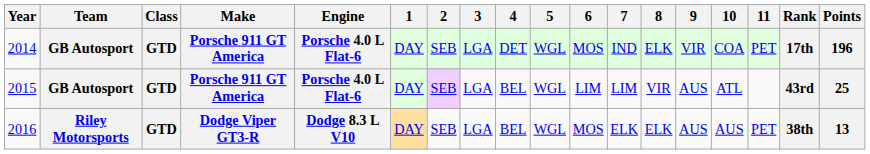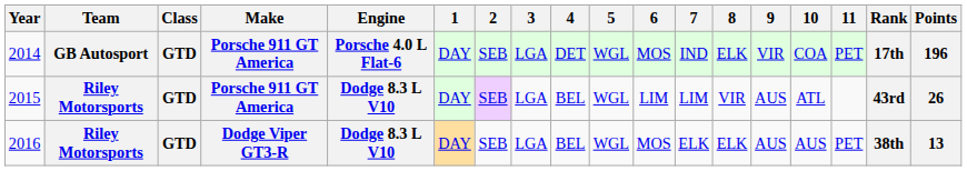 <table class="wikitable" style="text-align:center; font-size:90%">
 <tr>
 <th>Year</th>
 <th>Team</th>
 <th>Class</th>
 <th>Make</th>
 <th>Engine</th>
 <th>1</th>
 <th>2</th>
 <th>3</th>
 <th>4</th>
 <th>5</th>
 <th>6</th>
 <th>7</th>
 <th>8</th>
 <th>9</th>
 <th>10</th>
 <th>11</th>
 <th>Rank</th>
 <th>Points</th>
 </tr>
 <tr>
 <td><a href='#'>2014</a></td>
 <th>GB Autosport</th>
 <th>GTD</th>
 <th><a href='#'>Porsche 911 GT America</a></th>
 <th><a href='#'>Porsche</a> 4.0 L <a href='#'>Flat-6</a></th>
 <td style="background:#DFFFDF;"><a href='#'>DAY</a><br></td>
 <td style="background:#DFFFDF;"><a href='#'>SEB</a> <br></td>
 <td style="background:#DFFFDF;"><a href='#'>LGA</a> <br></td>
 <td style="background:#DFFFDF;"><a href='#'>DET</a> <br></td>
 <td style="background:#DFFFDF;"><a href='#'>WGL</a> <br></td>
 <td style="background:#DFFFDF;"><a href='#'>MOS</a> <br></td>
 <td style="background:#DFFFDF;"><a href='#'>IND</a> <br></td>
 <td style="background:#DFFFDF;"><a href='#'>ELK</a><br></td>
 <td style="background:#DFFFDF;"><a href='#'>VIR</a> <br></td>
 <td style="background:#DFFFDF;"><a href='#'>COA</a><br></td>
 <td style="background:#DFFFDF;"><a href='#'>PET</a><br></td>
 <th>17th</th>
 <th>196</th>
 </tr>
 <tr>
 <td><a href='#'>2015</a></td>
-<th>GB Autosport</th>
+<th><a href='#'>Riley Motorsports</a></th>
 <th>GTD</th>
 <th><a href='#'>Porsche 911 GT America</a></th>
-<th><a href='#'>Porsche</a> 4.0 L <a href='#'>Flat-6</a></th>
+<th><a href='#'>Dodge</a> 8.3 L <a href='#'>V10</a></th>
 <td style="background:#DFFFDF;"><a href='#'>DAY</a><br></td>
 <td style="background:#EFCFFF;"><a href='#'>SEB</a><br></td>
 <td style="background:#;”"><a href='#'>LGA</a><br></td>
 <td style="background:#;"><a href='#'>BEL</a><br></td>
 <td style="background:#;"><a href='#'>WGL</a><br></td>
 <td style="background:#;"><a href='#'>LIM</a><br></td>
 <td style="background:#;"><a href='#'>LIM</a><br></td>
 <td style="background:#;"><a href='#'>VIR</a><br></td>
 <td style="background:#;"><a href='#'>AUS</a><br></td>
 <td style="background:#;"><a href='#'>ATL</a><br></td>
 <td></td>
 <th>43rd</th>
-<th>25</th>
+<th>26</th>
 </tr>
 <tr>
 <td><a href='#'>2016</a></td>
 <th><a href='#'>Riley Motorsports</a></th>
 <th>GTD</th>
 <th><a href='#'>Dodge Viper GT3-R</a></th>
 <th><a href='#'>Dodge</a> 8.3 L <a href='#'>V10</a></th>
 <td style="background:#FFDF9F;”"><a href='#'>DAY</a><br></td>
 <td style="background:#;"><a href='#'>SEB</a><br></td>
 <td style="background:#;"><a href='#'>LGA</a><br></td>
 <td style="background:#;"><a href='#'>BEL</a><br></td>
 <td style="background:#;"><a href='#'>WGL</a><br></td>
 <td style="background:#;"><a href='#'>MOS</a><br></td>
 <td style="background:#;"><a href='#'>ELK</a><br></td>
 <td style="background:#;"><a href='#'>ELK</a><br></td>
 <td style="background:#;"><a href='#'>AUS</a><br></td>
 <td style="background:#;"><a href='#'>AUS</a><br></td>
 <td style="background:#;"><a href='#'>PET</a><br></td>
 <th>38th</th>
 <th>13</th>
 </tr>
 </table>
